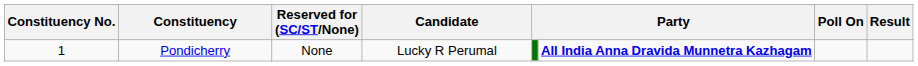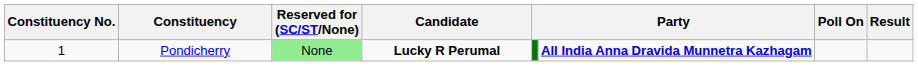 <table class="wikitable sortable" style="text-align:center">
 <tr>
 <th>Constituency No.</th>
 <th style="width:180px;">Constituency</th>
 <th>Reserved for<br>(<a href='#'>SC/ST</a>/None)</th>
 <th style="width:200px;">Candidate</th>
 <th colspan="2">Party</th>
 <th>Poll On</th>
 <th>Result</th>
 </tr>
 <tr>
 <td style="text-align:center;">1</td>
 <td><a href='#'>Pondicherry</a></td>
-<td>None</td>
-<td>Lucky R Perumal</td>
+<td style="background: lightgreen;">None</td>
+<td><strong>Lucky R Perumal</strong></td>
 <td bgcolor=#007500></td>
 <td><strong><a href='#'>All India Anna Dravida Munnetra Kazhagam</a></strong></td>
 <td></td>
 <td></td>
 </tr>
 </table>
